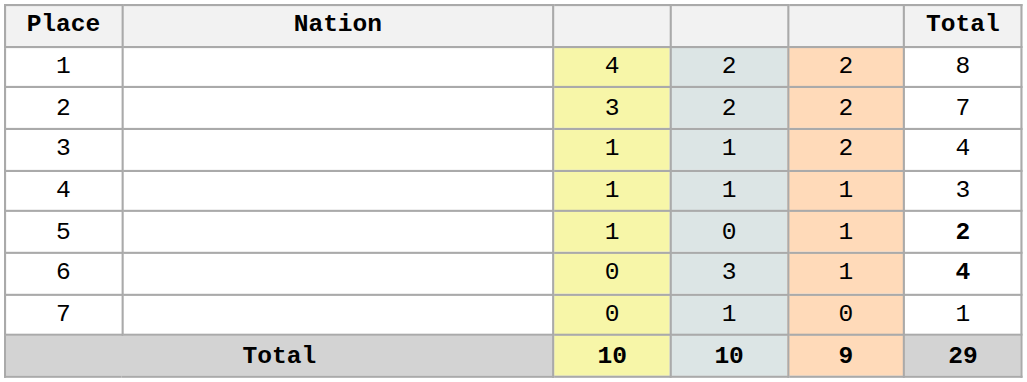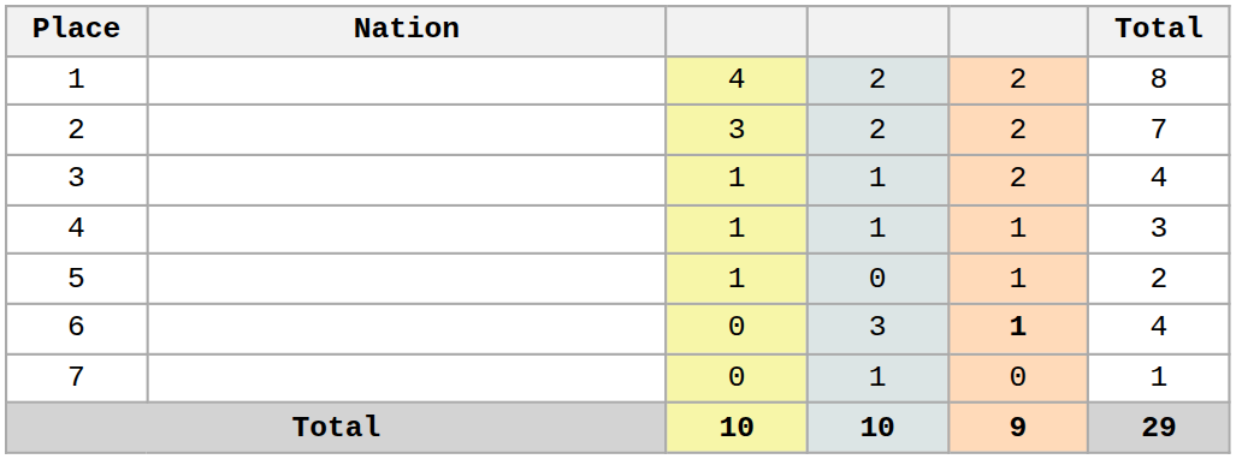 <table class=wikitable style="border:1px solid #AAAAAA;font-size:90%">
 <tr bgcolor="#EFEFEF">
 <th width=50>Place</th>
 <th width=200>Nation</th>
 <th width=50></th>
 <th width=50></th>
 <th width=50></th>
 <th width=50>Total</th>
 </tr>
 <tr align="center" valign="top" bgcolor="#FFFFFF">
 <td>1</td>
 <td align="left"></td>
 <td style="background:#F7F6A8;">4</td>
 <td style="background:#DCE5E5;">2</td>
 <td style="background:#FFDAB9;">2</td>
 <td>8</td>
 </tr>
 <tr align="center" valign="top" bgcolor="#FFFFFF">
 <td>2</td>
 <td align="left"></td>
 <td style="background:#F7F6A8;">3</td>
 <td style="background:#DCE5E5;">2</td>
 <td style="background:#FFDAB9;">2</td>
 <td>7</td>
 </tr>
 <tr align="center" valign="top" bgcolor="#FFFFFF">
 <td>3</td>
 <td align="left"></td>
 <td style="background:#F7F6A8;">1</td>
 <td style="background:#DCE5E5;">1</td>
 <td style="background:#FFDAB9;">2</td>
 <td>4</td>
 </tr>
 <tr align="center" valign="top" bgcolor="#FFFFFF">
 <td>4</td>
 <td align="left"></td>
 <td style="background:#F7F6A8;">1</td>
 <td style="background:#DCE5E5;">1</td>
 <td style="background:#FFDAB9;">1</td>
 <td>3</td>
 </tr>
 <tr align="center" valign="top" bgcolor="#FFFFFF">
 <td>5</td>
 <td align="left"></td>
 <td style="background:#F7F6A8;">1</td>
 <td style="background:#DCE5E5;">0</td>
 <td style="background:#FFDAB9;">1</td>
-<td><strong>2</strong></td>
+<td>2</td>
 </tr>
 <tr align="center" valign="top" bgcolor="#FFFFFF">
 <td>6</td>
 <td align="left"></td>
 <td style="background:#F7F6A8;">0</td>
 <td style="background:#DCE5E5;">3</td>
-<td style="background:#FFDAB9;">1</td>
-<td><strong>4</strong></td>
+<td style="background:#FFDAB9;"><strong>1</strong></td>
+<td>4</td>
 </tr>
 <tr align="center" valign="top" bgcolor="#FFFFFF">
 <td>7</td>
 <td align="left"></td>
 <td style="background:#F7F6A8;">0</td>
 <td style="background:#DCE5E5;">1</td>
 <td style="background:#FFDAB9;">0</td>
 <td>1</td>
 </tr>
 <tr align="center">
 <td colspan=2 bgcolor=D3D3D3><strong>Total</strong></td>
 <td style="background:#F7F6A8;"><strong>10</strong></td>
 <td style="background:#DCE5E5;"><strong>10</strong></td>
 <td style="background:#FFDAB9;"><strong>9</strong></td>
 <td bgcolor=D3D3D3><strong>29</strong></td>
 </tr>
 </table>
